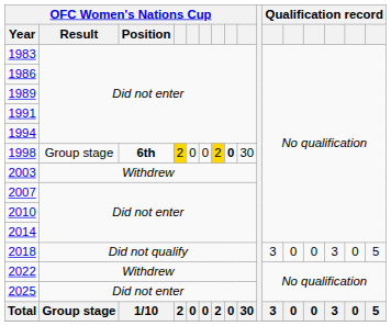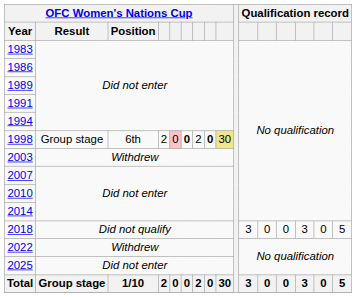 <table class="wikitable" style="text-align:center;">
 <tr>
 <th colspan="9"><a href='#'>OFC Women's Nations Cup</a></th>
 <th rowspan=20></th>
 <th colspan=6>Qualification record</th>
 </tr>
 <tr>
 <th>Year</th>
 <th>Result</th>
 <th>Position</th>
 <th></th>
 <th></th>
 <th></th>
 <th></th>
 <th></th>
 <th></th>
 <th></th>
 <th></th>
 <th></th>
 <th></th>
 <th></th>
 <th></th>
 </tr>
 <tr>
 <td> <a href='#'>1983</a></td>
 <td rowspan="5" colspan="8"><em>Did not enter</em></td>
 <td rowspan=10 colspan=6><em>No qualification</em></td>
 </tr>
 <tr>
 <td> <a href='#'>1986</a></td>
 </tr>
 <tr>
 <td> <a href='#'>1989</a></td>
 </tr>
 <tr>
 <td> <a href='#'>1991</a></td>
 </tr>
 <tr>
 <td> <a href='#'>1994</a></td>
 </tr>
 <tr>
 <td> <a href='#'>1998</a></td>
 <td>Group stage</td>
-<td><strong>6th</strong></td>
-<td style="background: gold;">2</td>
-<td>0</td>
-<td>0</td>
-<td style="background: gold;">2</td>
+<td>6th</td>
+<td>2</td>
+<td style="background: pink;">0</td>
 <td><strong>0</strong></td>
-<td>30</td>
+<td>2</td>
+<td><strong>0</strong></td>
+<td style="background: khaki;">30</td>
 </tr>
 <tr>
 <td> <a href='#'>2003</a></td>
 <td colspan="8"><em>Withdrew</em></td>
 </tr>
 <tr>
 <td> <a href='#'>2007</a></td>
 <td rowspan="3" colspan="8"><em>Did not enter</em></td>
 </tr>
 <tr>
 <td> <a href='#'>2010</a></td>
 </tr>
 <tr>
 <td> <a href='#'>2014</a></td>
 </tr>
 <tr>
 <td> <a href='#'>2018</a></td>
 <td colspan=8><em>Did not qualify</em></td>
 <td>3</td>
 <td>0</td>
 <td>0</td>
 <td>3</td>
 <td>0</td>
 <td>5</td>
 </tr>
 <tr>
 <td> <a href='#'>2022</a></td>
 <td colspan="8"><em>Withdrew</em></td>
 <td colspan=6 rowspan=2><em>No qualification</em></td>
 </tr>
 <tr>
 <td> <a href='#'>2025</a></td>
 <td colspan=8><em>Did not enter</em></td>
 </tr>
 <tr>
 <th>Total</th>
 <th>Group stage</th>
 <th>1/10</th>
 <th>2</th>
 <th>0</th>
 <th>0</th>
 <th>2</th>
 <th>0</th>
 <th>30</th>
 <th>3</th>
 <th>0</th>
 <th>0</th>
 <th>3</th>
 <th>0</th>
 <th>5</th>
 </tr>
 <tr>
 </tr>
 </table>
